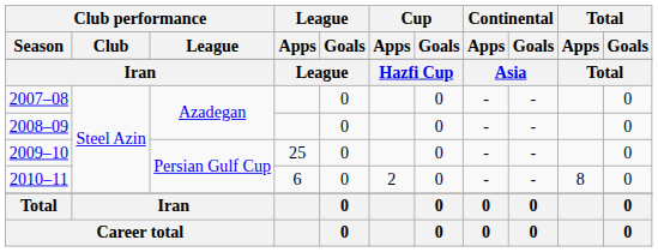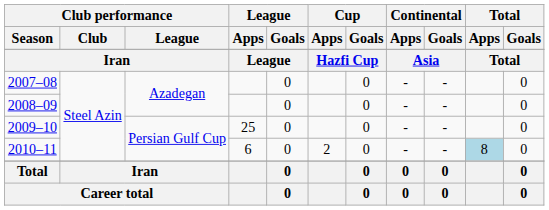 <table class="wikitable" style="text-align:center">
 <tr>
 <th colspan=3>Club performance</th>
 <th colspan=2>League</th>
 <th colspan=2>Cup</th>
 <th colspan=2>Continental</th>
 <th colspan=2>Total</th>
 </tr>
 <tr>
 <th>Season</th>
 <th>Club</th>
 <th>League</th>
 <th>Apps</th>
 <th>Goals</th>
 <th>Apps</th>
 <th>Goals</th>
 <th>Apps</th>
 <th>Goals</th>
 <th>Apps</th>
 <th>Goals</th>
 </tr>
 <tr>
 </tr>
 <tr>
 <th colspan=3>Iran</th>
 <th colspan=2>League</th>
 <th colspan=2><a href='#'>Hazfi Cup</a></th>
 <th colspan=2><a href='#'>Asia</a></th>
 <th colspan=2>Total</th>
 </tr>
 <tr>
 <td><a href='#'>2007–08</a></td>
 <td rowspan="4"><a href='#'>Steel Azin</a></td>
 <td rowspan="2"><a href='#'>Azadegan</a></td>
 <td></td>
 <td>0</td>
 <td></td>
 <td>0</td>
 <td>-</td>
 <td>-</td>
 <td></td>
 <td>0</td>
 </tr>
 <tr>
 <td><a href='#'>2008–09</a></td>
 <td></td>
 <td>0</td>
 <td></td>
 <td>0</td>
 <td>-</td>
 <td>-</td>
 <td></td>
 <td>0</td>
 </tr>
 <tr>
 <td><a href='#'>2009–10</a></td>
 <td rowspan="2"><a href='#'>Persian Gulf Cup</a></td>
 <td>25</td>
 <td>0</td>
 <td></td>
 <td>0</td>
 <td>-</td>
 <td>-</td>
 <td></td>
 <td>0</td>
 </tr>
 <tr>
 <td><a href='#'>2010–11</a></td>
 <td>6</td>
 <td>0</td>
 <td>2</td>
 <td>0</td>
 <td>-</td>
 <td>-</td>
-<td>8</td>
+<td style="background: lightblue;">8</td>
 <td>0</td>
 </tr>
 <tr>
 </tr>
 <tr>
 <th rowspan=1>Total</th>
 <th colspan=2>Iran</th>
 <th></th>
 <th>0</th>
 <th></th>
 <th>0</th>
 <th>0</th>
 <th>0</th>
 <th></th>
 <th>0</th>
 </tr>
 <tr>
 <th colspan=3>Career total</th>
 <th></th>
 <th>0</th>
 <th></th>
 <th>0</th>
 <th>0</th>
 <th>0</th>
 <th></th>
 <th>0</th>
 </tr>
 </table>
